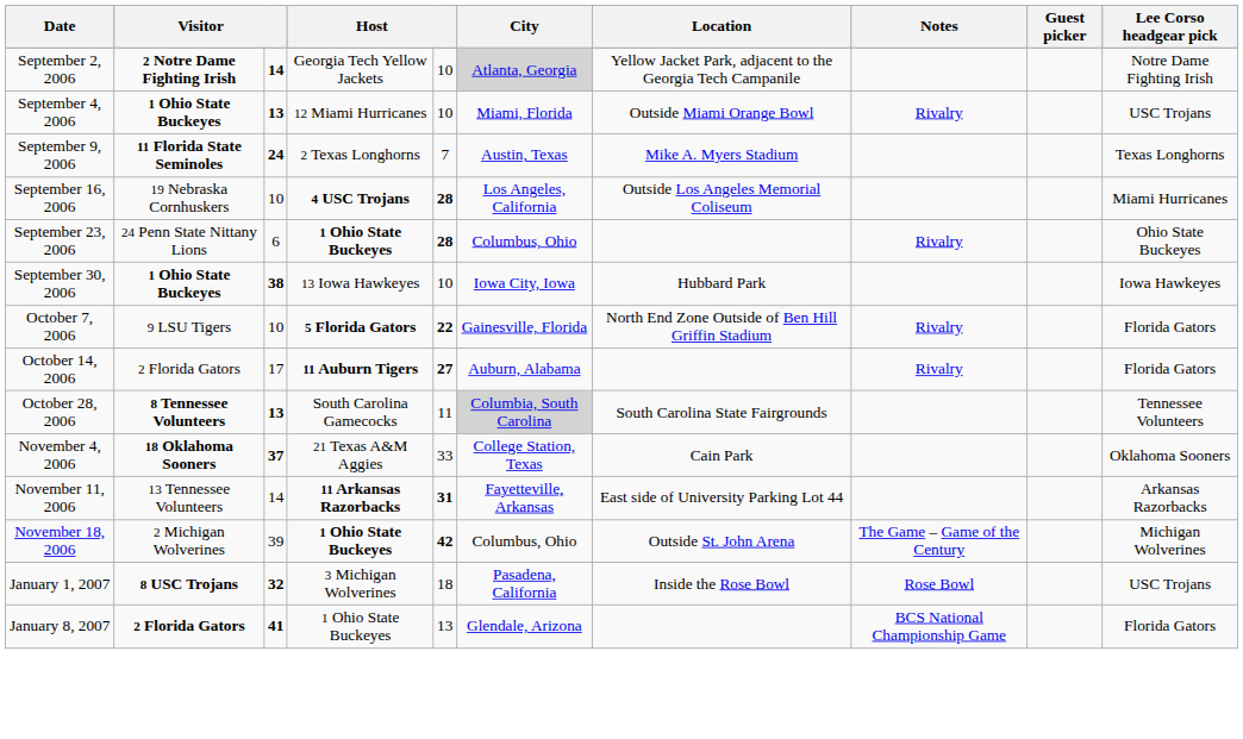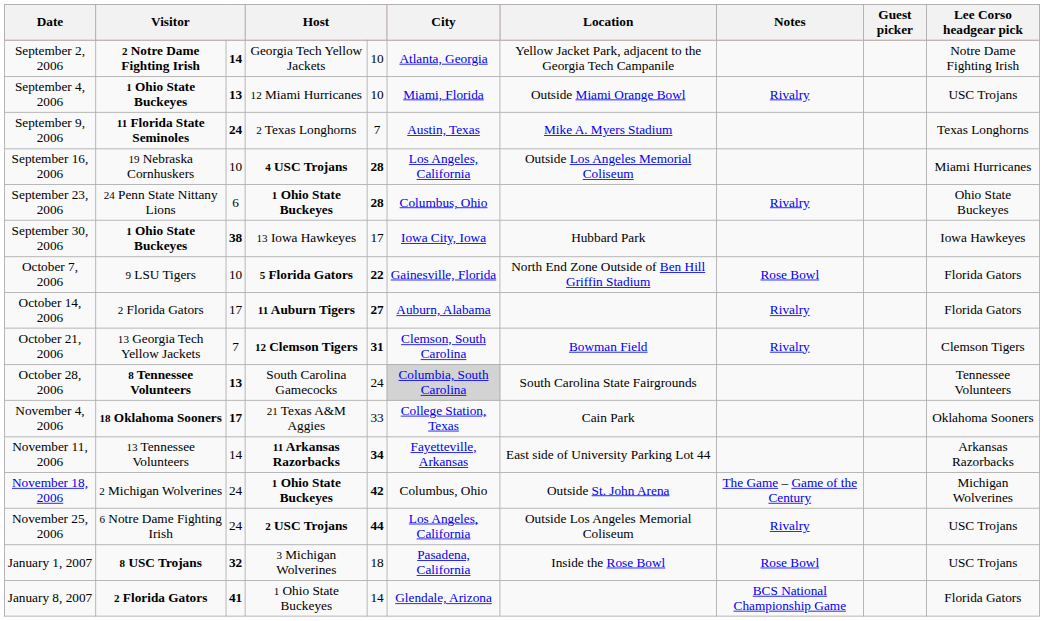 <table class="wikitable" style="text-align:center">
 <tr style="background:#A32638;"|>
 <th>Date</th>
 <th colspan=2>Visitor</th>
 <th colspan=2>Host</th>
 <th>City</th>
 <th>Location</th>
 <th>Notes</th>
 <th>Guest picker</th>
 <th>Lee Corso headgear pick</th>
 </tr>
 <tr>
 <td>September 2, 2006</td>
 <td><strong><small>2</small> Notre Dame Fighting Irish</strong></td>
 <td><strong>14</strong></td>
 <td>Georgia Tech Yellow Jackets</td>
 <td>10</td>
-<td style="background: lightgrey;"><a href='#'>Atlanta, Georgia</a></td>
+<td><a href='#'>Atlanta, Georgia</a></td>
 <td>Yellow Jacket Park, adjacent to the Georgia Tech Campanile</td>
 <td></td>
 <td></td>
 <td>Notre Dame Fighting Irish</td>
 </tr>
 <tr>
 <td>September 4, 2006</td>
 <td><strong><small>1</small> Ohio State Buckeyes</strong></td>
 <td><strong>13</strong></td>
 <td><small>12</small> Miami Hurricanes</td>
 <td>10</td>
 <td><a href='#'>Miami, Florida</a></td>
 <td>Outside <a href='#'>Miami Orange Bowl</a></td>
 <td><a href='#'>Rivalry</a></td>
 <td></td>
 <td>USC Trojans</td>
 </tr>
 <tr>
 <td>September 9, 2006</td>
 <td><strong><small>11</small> Florida State Seminoles</strong></td>
 <td><strong>24</strong></td>
 <td><small>2</small> Texas Longhorns</td>
 <td>7</td>
 <td><a href='#'>Austin, Texas</a></td>
 <td><a href='#'>Mike A. Myers Stadium</a></td>
 <td></td>
 <td></td>
 <td>Texas Longhorns</td>
 </tr>
 <tr>
 <td>September 16, 2006</td>
 <td><small>19</small> Nebraska Cornhuskers</td>
 <td>10</td>
 <td><strong><small>4</small> USC Trojans</strong></td>
 <td><strong>28</strong></td>
 <td><a href='#'>Los Angeles, California</a></td>
 <td>Outside <a href='#'>Los Angeles Memorial Coliseum</a></td>
 <td></td>
 <td></td>
 <td>Miami Hurricanes</td>
 </tr>
 <tr>
 <td>September 23, 2006</td>
 <td><small>24</small> Penn State Nittany Lions</td>
 <td>6</td>
 <td><strong><small>1</small> Ohio State Buckeyes</strong></td>
 <td><strong>28</strong></td>
 <td><a href='#'>Columbus, Ohio</a></td>
 <td></td>
 <td><a href='#'>Rivalry</a></td>
 <td></td>
 <td>Ohio State Buckeyes</td>
 </tr>
 <tr>
 <td>September 30, 2006</td>
 <td><strong><small>1</small> Ohio State Buckeyes</strong></td>
 <td><strong>38</strong></td>
 <td><small>13</small> Iowa Hawkeyes</td>
-<td>10</td>
+<td>17</td>
 <td><a href='#'>Iowa City, Iowa</a></td>
 <td>Hubbard Park</td>
 <td></td>
 <td></td>
 <td>Iowa Hawkeyes</td>
 </tr>
 <tr>
 <td>October 7, 2006</td>
 <td><small>9</small> LSU Tigers</td>
 <td>10</td>
 <td><strong><small>5</small> Florida Gators</strong></td>
 <td><strong>22</strong></td>
 <td><a href='#'>Gainesville, Florida</a></td>
 <td>North End Zone Outside of <a href='#'>Ben Hill Griffin Stadium</a></td>
-<td><a href='#'>Rivalry</a></td>
+<td><a href='#'>Rose Bowl</a></td>
 <td></td>
 <td>Florida Gators</td>
 </tr>
 <tr>
 <td>October 14, 2006</td>
 <td><small>2</small> Florida Gators</td>
 <td>17</td>
 <td><strong><small>11</small> Auburn Tigers</strong></td>
 <td><strong>27</strong></td>
 <td><a href='#'>Auburn, Alabama</a></td>
 <td></td>
 <td><a href='#'>Rivalry</a></td>
 <td></td>
 <td>Florida Gators</td>
 </tr>
 <tr>
+<td>October 21, 2006</td>
+<td><small>13</small> Georgia Tech Yellow Jackets</td>
+<td>7</td>
+<td><strong><small>12</small> Clemson Tigers</strong></td>
+<td><strong>31</strong></td>
+<td><a href='#'>Clemson, South Carolina</a></td>
+<td><a href='#'>Bowman Field</a></td>
+<td><a href='#'>Rivalry</a></td>
+<td></td>
+<td>Clemson Tigers</td>
+</tr>
+<tr>
 <td>October 28, 2006</td>
 <td><strong><small>8</small> Tennessee Volunteers</strong></td>
 <td><strong>13</strong></td>
 <td>South Carolina Gamecocks</td>
-<td>11</td>
+<td>24</td>
 <td style="background: lightgrey;"><a href='#'>Columbia, South Carolina</a></td>
 <td>South Carolina State Fairgrounds</td>
 <td></td>
 <td></td>
 <td>Tennessee Volunteers</td>
 </tr>
 <tr>
 <td>November 4, 2006</td>
 <td><strong><small>18</small> Oklahoma Sooners</strong></td>
-<td><strong>37</strong></td>
+<td><strong>17</strong></td>
 <td><small>21</small> Texas A&M Aggies</td>
 <td>33</td>
 <td><a href='#'>College Station, Texas</a></td>
 <td>Cain Park</td>
 <td></td>
 <td></td>
 <td>Oklahoma Sooners</td>
 </tr>
 <tr>
 <td>November 11, 2006</td>
 <td><small>13</small> Tennessee Volunteers</td>
 <td>14</td>
 <td><strong><small>11</small> Arkansas Razorbacks</strong></td>
-<td><strong>31</strong></td>
+<td><strong>34</strong></td>
 <td><a href='#'>Fayetteville, Arkansas</a></td>
 <td>East side of University Parking Lot 44</td>
 <td></td>
 <td></td>
 <td>Arkansas Razorbacks</td>
 </tr>
 <tr>
 <td><a href='#'>November 18, 2006</a></td>
 <td><small>2</small> Michigan Wolverines</td>
-<td>39</td>
+<td>24</td>
 <td><strong><small>1</small> Ohio State Buckeyes</strong></td>
 <td><strong>42</strong></td>
 <td>Columbus, Ohio</td>
 <td>Outside <a href='#'>St. John Arena</a></td>
 <td><a href='#'>The Game</a> – <a href='#'>Game of the Century</a></td>
 <td></td>
 <td>Michigan Wolverines</td>
+</tr>
+<tr>
+<td>November 25, 2006</td>
+<td><small>6</small> Notre Dame Fighting Irish</td>
+<td>24</td>
+<td><strong><small>2</small> USC Trojans</strong></td>
+<td><strong>44</strong></td>
+<td><a href='#'>Los Angeles, California</a></td>
+<td>Outside Los Angeles Memorial Coliseum</td>
+<td><a href='#'>Rivalry</a></td>
+<td></td>
+<td>USC Trojans</td>
 </tr>
 <tr>
 <td>January 1, 2007</td>
 <td><strong><small>8</small> USC Trojans</strong></td>
 <td><strong>32</strong></td>
 <td><small>3</small> Michigan Wolverines</td>
 <td>18</td>
 <td><a href='#'>Pasadena, California</a></td>
 <td>Inside the <a href='#'>Rose Bowl</a></td>
 <td><a href='#'>Rose Bowl</a></td>
 <td></td>
 <td>USC Trojans</td>
 </tr>
 <tr>
 <td>January 8, 2007</td>
 <td><strong><small>2</small> Florida Gators</strong></td>
 <td><strong>41</strong></td>
 <td><small>1</small> Ohio State Buckeyes</td>
-<td>13</td>
+<td>14</td>
 <td><a href='#'>Glendale, Arizona</a></td>
 <td></td>
 <td><a href='#'>BCS National Championship Game</a></td>
 <td></td>
 <td>Florida Gators</td>
 </tr>
 </table>
